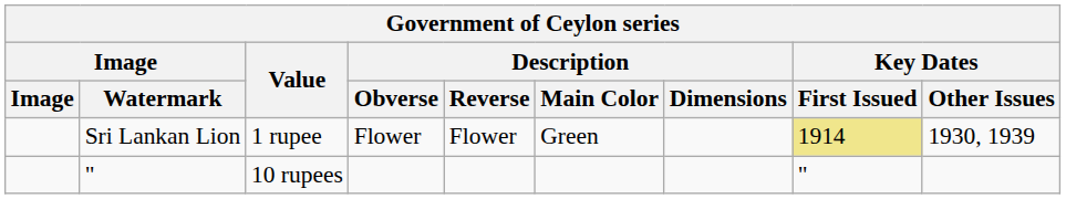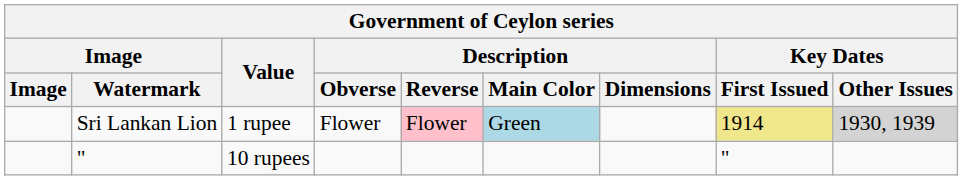 <table class="wikitable" style="font-size: 100%">
 <tr>
 <th colspan="10">Government of Ceylon series</th>
 </tr>
 <tr>
 <th colspan="2">Image</th>
 <th rowspan="2">Value</th>
 <th colspan="4">Description</th>
 <th colspan="2">Key Dates</th>
 </tr>
 <tr>
 <th>Image</th>
 <th>Watermark</th>
 <th>Obverse</th>
 <th>Reverse</th>
 <th>Main Color</th>
 <th>Dimensions</th>
 <th>First Issued</th>
 <th>Other Issues</th>
 </tr>
 <tr>
 <td></td>
 <td>Sri Lankan Lion</td>
 <td>1 rupee</td>
 <td>Flower</td>
-<td>Flower</td>
-<td>Green</td>
+<td style="background: pink;">Flower</td>
+<td style="background: lightblue;">Green</td>
 <td></td>
 <td style="background: khaki;">1914</td>
-<td>1930, 1939</td>
+<td style="background: lightgrey;">1930, 1939</td>
 </tr>
 <tr>
 <td></td>
 <td>"</td>
 <td>10 rupees</td>
 <td></td>
 <td></td>
 <td></td>
 <td></td>
 <td>"</td>
 <td></td>
 </tr>
 </table>
